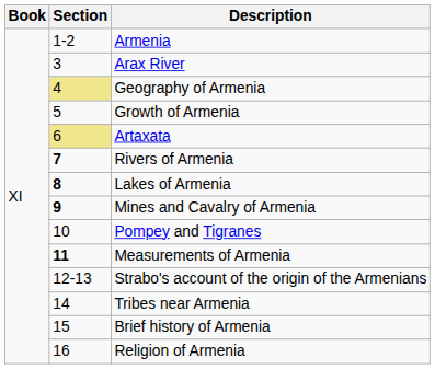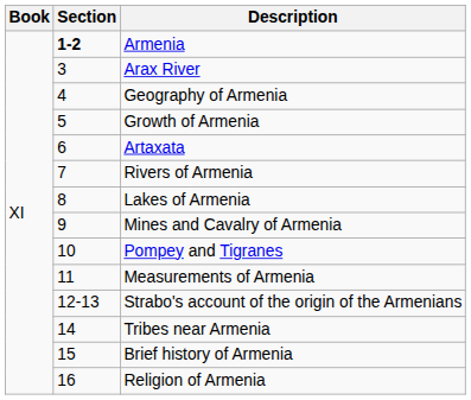 <table class="wikitable" style="max-width:45em;">
 <tr>
 <th>Book</th>
 <th>Section</th>
 <th>Description</th>
 </tr>
 <tr>
 <td rowspan="14">XI</td>
-<td>1-2</td>
+<td><strong>1-2</strong></td>
 <td><a href='#'>Armenia</a></td>
 </tr>
 <tr>
 <td>3</td>
 <td><a href='#'>Arax River</a></td>
 </tr>
 <tr>
-<td style="background: khaki;">4</td>
+<td>4</td>
 <td>Geography of Armenia</td>
 </tr>
 <tr>
 <td>5</td>
 <td>Growth of Armenia</td>
 </tr>
 <tr>
-<td style="background: khaki;">6</td>
+<td>6</td>
 <td><a href='#'>Artaxata</a></td>
 </tr>
 <tr>
-<td><strong>7</strong></td>
+<td>7</td>
 <td>Rivers of Armenia</td>
 </tr>
 <tr>
-<td><strong>8</strong></td>
+<td>8</td>
 <td>Lakes of Armenia</td>
 </tr>
 <tr>
-<td><strong>9</strong></td>
+<td>9</td>
 <td>Mines and Cavalry of Armenia</td>
 </tr>
 <tr>
 <td>10</td>
 <td><a href='#'>Pompey</a> and <a href='#'>Tigranes</a></td>
 </tr>
 <tr>
-<td><strong>11</strong></td>
+<td>11</td>
 <td>Measurements of Armenia</td>
 </tr>
 <tr>
 <td>12-13</td>
 <td>Strabo's account of the origin of the Armenians</td>
 </tr>
 <tr>
 <td>14</td>
 <td>Tribes near Armenia</td>
 </tr>
 <tr>
 <td>15</td>
 <td>Brief history of Armenia</td>
 </tr>
 <tr>
 <td>16</td>
 <td>Religion of Armenia</td>
 </tr>
 </table>
